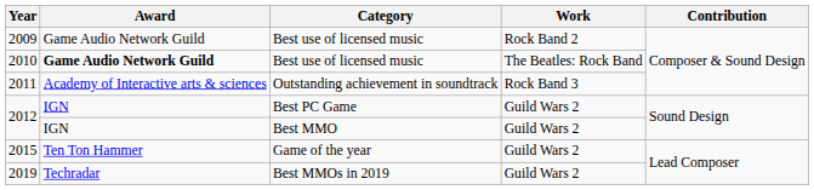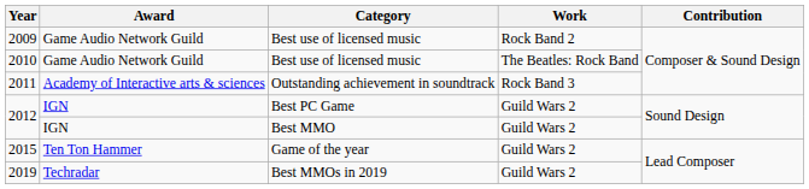 <table class="wikitable">
 <tr>
 <th>Year</th>
 <th>Award</th>
 <th>Category</th>
 <th>Work</th>
 <th>Contribution</th>
 </tr>
 <tr>
 <td>2009</td>
 <td>Game Audio Network Guild</td>
 <td>Best use of licensed music</td>
 <td>Rock Band 2</td>
 <td rowspan="3">Composer & Sound Design</td>
 </tr>
 <tr>
 <td>2010</td>
-<td><strong>Game Audio Network Guild</strong></td>
+<td>Game Audio Network Guild</td>
 <td>Best use of licensed music</td>
 <td>The Beatles: Rock Band</td>
 </tr>
 <tr>
 <td>2011</td>
 <td><a href='#'>Academy of Interactive arts & sciences</a></td>
 <td>Outstanding achievement in soundtrack</td>
 <td>Rock Band 3</td>
 </tr>
 <tr>
 <td rowspan="2">2012</td>
 <td><a href='#'>IGN</a></td>
 <td>Best PC Game</td>
 <td>Guild Wars 2</td>
 <td rowspan="2">Sound Design</td>
 </tr>
 <tr>
 <td>IGN</td>
 <td>Best MMO</td>
 <td>Guild Wars 2</td>
 </tr>
 <tr>
 <td>2015</td>
 <td><a href='#'>Ten Ton Hammer</a></td>
 <td>Game of the year</td>
 <td>Guild Wars 2</td>
 <td rowspan="2">Lead Composer</td>
 </tr>
 <tr>
 <td>2019</td>
 <td><a href='#'>Techradar</a></td>
 <td>Best MMOs in 2019</td>
 <td>Guild Wars 2</td>
 </tr>
 </table>
